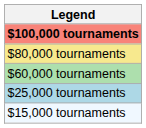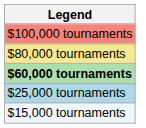 <table class=wikitable style=font-size:85%>
 <tr>
 <th>Legend</th>
 </tr>
 <tr style=background:#F88379>
-<td><strong>$100,000 tournaments</strong></td>
+<td>$100,000 tournaments</td>
 </tr>
 <tr style=background:#F7E98E>
 <td>$80,000 tournaments</td>
 </tr>
 <tr style=background:#addfad>
-<td>$60,000 tournaments</td>
+<td><strong>$60,000 tournaments</strong></td>
 </tr>
 <tr style=background:lightblue>
 <td>$25,000 tournaments</td>
 </tr>
 <tr style=background:#f0f8ff>
 <td>$15,000 tournaments</td>
 </tr>
 </table>
